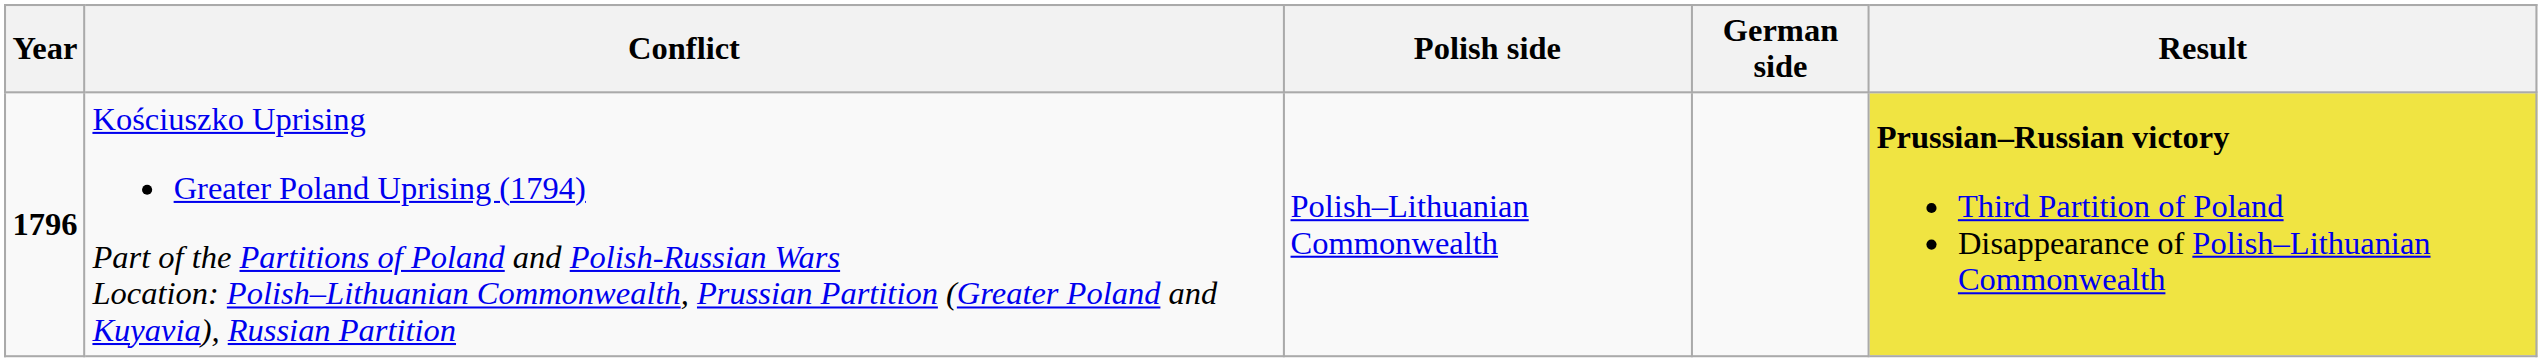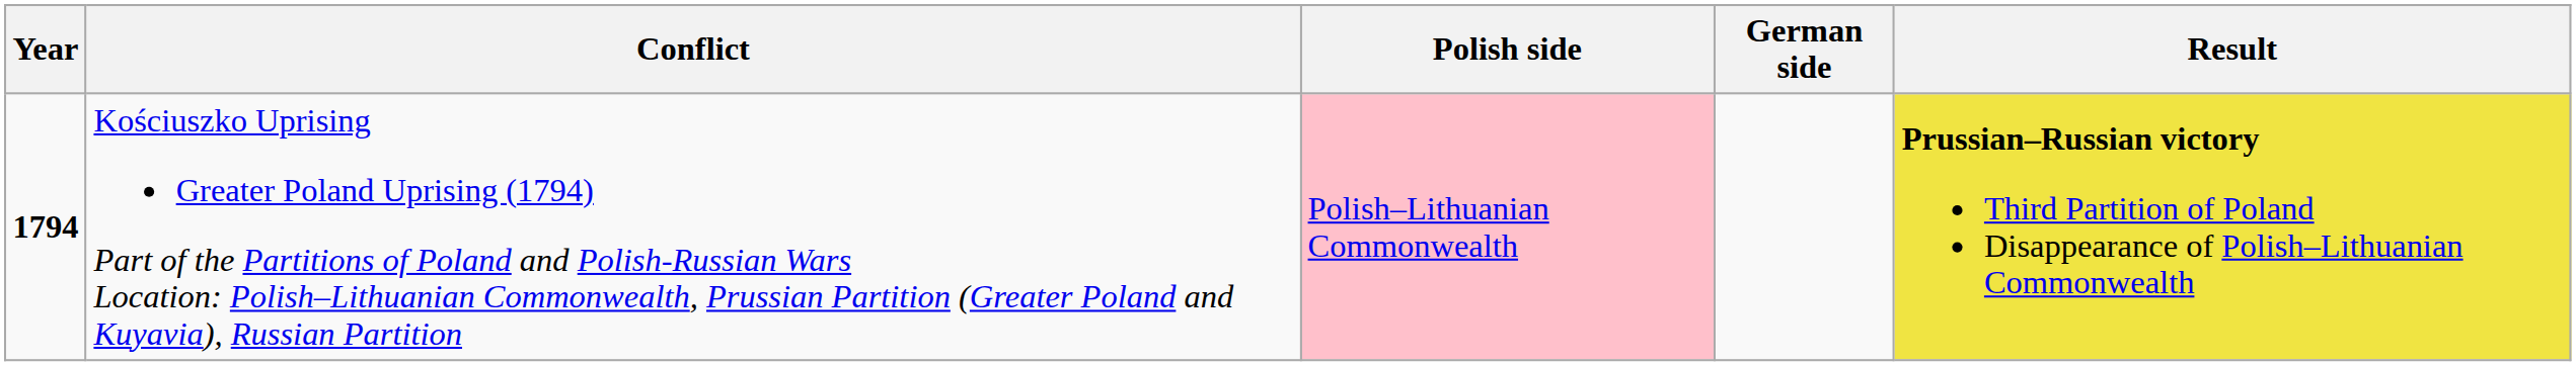 <table class="wikitable">
 <tr>
 <th>Year</th>
 <th>Conflict</th>
 <th>Polish side</th>
 <th>German side</th>
 <th>Result</th>
 </tr>
 <tr>
-<td><strong>1796</strong></td>
+<td><strong>1794</strong></td>
 <td><a href='#'>Kościuszko Uprising</a><br><ul><li><a href='#'>Greater Poland Uprising (1794)</a></li></ul><em>Part of the <a href='#'>Partitions of Poland</a> and <a href='#'>Polish-Russian Wars</a></em><br><em>Location: <a href='#'>Polish–Lithuanian Commonwealth</a>, <a href='#'>Prussian Partition</a> (<a href='#'>Greater Poland</a> and <a href='#'>Kuyavia</a>), <a href='#'>Russian Partition</a></em></td>
-<td> <a href='#'>Polish–Lithuanian Commonwealth</a></td>
+<td style="background: pink;"> <a href='#'>Polish–Lithuanian Commonwealth</a></td>
 <td><br></td>
 <td bgcolor="#F0E442"><strong>Prussian–Russian victory</strong><br><ul><li><a href='#'>Third Partition of Poland</a></li><li>Disappearance of <a href='#'>Polish–Lithuanian Commonwealth</a></li></ul></td>
 </tr>
 </table>
